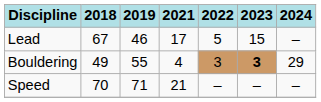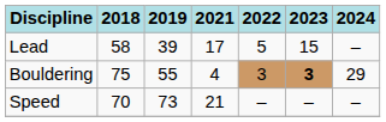 <table class="wikitable" style="text-align: center">
 <tr>
 <th style="background: #b0e0e6">Discipline</th>
 <th style="background: #b0e0e6">2018</th>
 <th style="background: #b0e0e6">2019</th>
 <th style="background: #b0e0e6">2021</th>
 <th style="background: #b0e0e6">2022</th>
 <th style="background: #b0e0e6">2023</th>
 <th style="background: #b0e0e6">2024</th>
 </tr>
 <tr>
 <td align="left">Lead</td>
-<td>67</td>
-<td>46</td>
+<td>58</td>
+<td>39</td>
 <td>17</td>
 <td>5</td>
 <td>15</td>
 <td>–</td>
 </tr>
 <tr>
 <td align="left">Bouldering</td>
-<td>49</td>
+<td>75</td>
 <td>55</td>
 <td>4</td>
 <td style="background: #cc9966">3</td>
 <td style="background: #cc9966"><strong>3</strong></td>
 <td>29</td>
 </tr>
 <tr>
 <td align="left">Speed</td>
 <td>70</td>
-<td>71</td>
+<td>73</td>
 <td>21</td>
 <td>–</td>
 <td>–</td>
 <td>–</td>
 </tr>
 <tr>
 </tr>
 </table>
